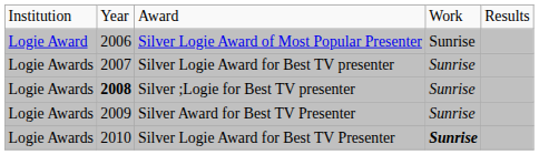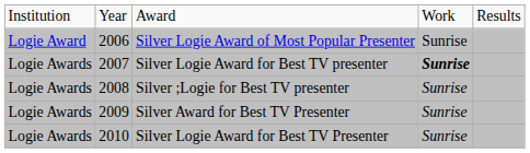 <table class="wikitable">
 <tr>
 <td>Institution</td>
 <td>Year</td>
 <td>Award</td>
 <td>Work</td>
 <td>Results</td>
 </tr>
 <tr bgcolor=silver>
 <td><a href='#'>Logie Award</a></td>
 <td>2006</td>
 <td><a href='#'>Silver Logie Award of Most Popular Presenter</a></td>
 <td>Sunrise</td>
 <td></td>
 </tr>
 <tr bgcolor=silver>
 <td>Logie Awards</td>
 <td>2007</td>
 <td>Silver Logie Award for Best TV presenter</td>
-<td><em>Sunrise</em></td>
+<td><strong><em>Sunrise</em></strong></td>
 <td></td>
 </tr>
 <tr bgcolor=silver>
 <td>Logie Awards</td>
-<td><strong>2008</strong></td>
+<td>2008</td>
 <td>Silver ;Logie for Best TV presenter</td>
 <td><em>Sunrise</em></td>
 <td></td>
 </tr>
 <tr bgcolor=silver>
 <td>Logie Awards</td>
 <td>2009</td>
 <td>Silver Award for Best TV Presenter</td>
 <td><em>Sunrise</em></td>
 <td></td>
 </tr>
 <tr bgcolor=silver>
 <td>Logie Awards</td>
 <td>2010</td>
 <td>Silver Logie Award for Best TV Presenter</td>
-<td><strong><em>Sunrise</em></strong></td>
+<td><em>Sunrise</em></td>
 <td></td>
 </tr>
 </table>
